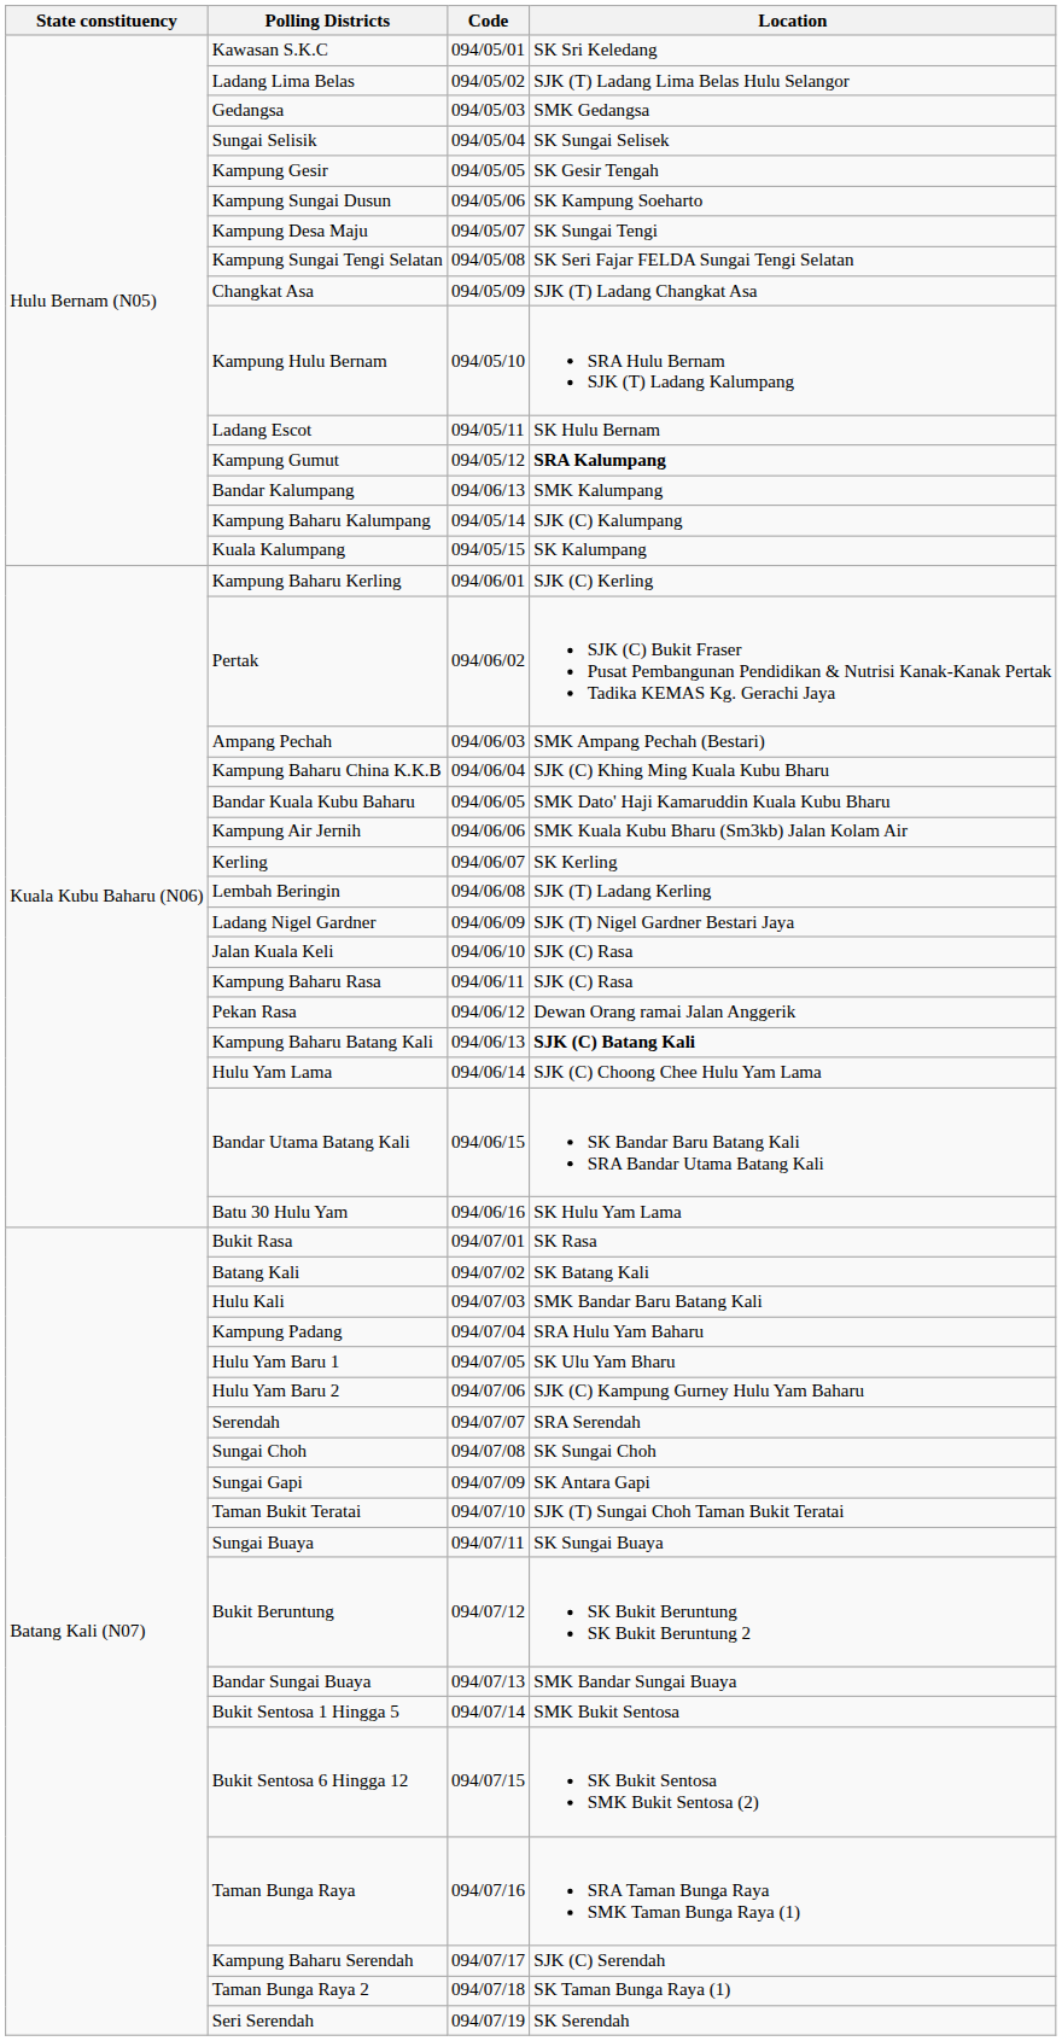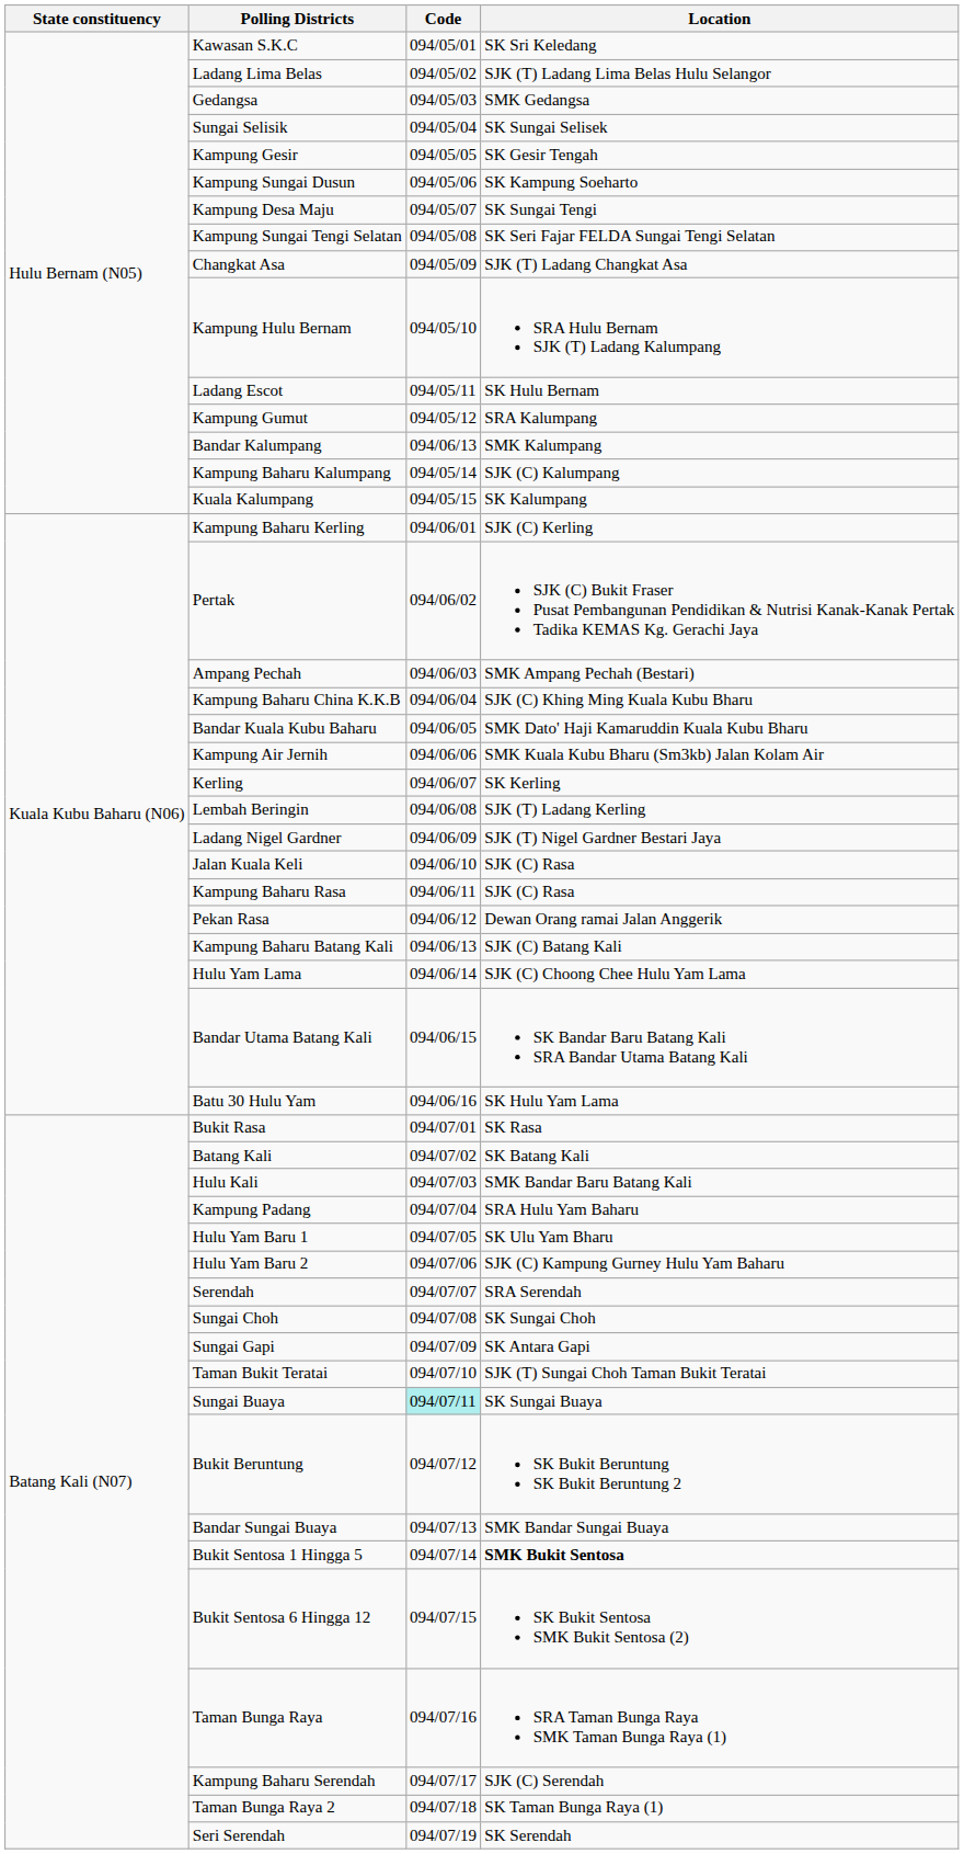 <table class="wikitable sortable mw-collapsible" style="white-space:nowrap;font-size:85%">
 <tr>
 <th>State constituency</th>
 <th>Polling Districts</th>
 <th>Code</th>
 <th>Location</th>
 </tr>
 <tr>
 <td rowspan="15">Hulu Bernam (N05)</td>
 <td>Kawasan S.K.C</td>
 <td>094/05/01</td>
 <td>SK Sri Keledang</td>
 </tr>
 <tr>
 <td>Ladang Lima Belas</td>
 <td>094/05/02</td>
 <td>SJK (T) Ladang Lima Belas Hulu Selangor</td>
 </tr>
 <tr>
 <td>Gedangsa</td>
 <td>094/05/03</td>
 <td>SMK Gedangsa</td>
 </tr>
 <tr>
 <td>Sungai Selisik</td>
 <td>094/05/04</td>
 <td>SK Sungai Selisek</td>
 </tr>
 <tr>
 <td>Kampung Gesir</td>
 <td>094/05/05</td>
 <td>SK Gesir Tengah</td>
 </tr>
 <tr>
 <td>Kampung Sungai Dusun</td>
 <td>094/05/06</td>
 <td>SK Kampung Soeharto</td>
 </tr>
 <tr>
 <td>Kampung Desa Maju</td>
 <td>094/05/07</td>
 <td>SK Sungai Tengi</td>
 </tr>
 <tr>
 <td>Kampung Sungai Tengi Selatan</td>
 <td>094/05/08</td>
 <td>SK Seri Fajar FELDA Sungai Tengi Selatan</td>
 </tr>
 <tr>
 <td>Changkat Asa</td>
 <td>094/05/09</td>
 <td>SJK (T) Ladang Changkat Asa</td>
 </tr>
 <tr>
 <td>Kampung Hulu Bernam</td>
 <td>094/05/10</td>
 <td><br><ul><li>SRA Hulu Bernam</li><li>SJK (T) Ladang Kalumpang</li></ul></td>
 </tr>
 <tr>
 <td>Ladang Escot</td>
 <td>094/05/11</td>
 <td>SK Hulu Bernam</td>
 </tr>
 <tr>
 <td>Kampung Gumut</td>
 <td>094/05/12</td>
-<td><strong>SRA Kalumpang</strong></td>
+<td>SRA Kalumpang</td>
 </tr>
 <tr>
 <td>Bandar Kalumpang</td>
 <td>094/06/13</td>
 <td>SMK Kalumpang</td>
 </tr>
 <tr>
 <td>Kampung Baharu Kalumpang</td>
 <td>094/05/14</td>
 <td>SJK (C) Kalumpang</td>
 </tr>
 <tr>
 <td>Kuala Kalumpang</td>
 <td>094/05/15</td>
 <td>SK Kalumpang</td>
 </tr>
 <tr>
 <td rowspan="16">Kuala Kubu Baharu (N06)</td>
 <td>Kampung Baharu Kerling</td>
 <td>094/06/01</td>
 <td>SJK (C) Kerling</td>
 </tr>
 <tr>
 <td>Pertak</td>
 <td>094/06/02</td>
 <td><br><ul><li>SJK (C) Bukit Fraser</li><li>Pusat Pembangunan Pendidikan & Nutrisi Kanak-Kanak Pertak</li><li>Tadika KEMAS Kg. Gerachi Jaya</li></ul></td>
 </tr>
 <tr>
 <td>Ampang Pechah</td>
 <td>094/06/03</td>
 <td>SMK Ampang Pechah (Bestari)</td>
 </tr>
 <tr>
 <td>Kampung Baharu China K.K.B</td>
 <td>094/06/04</td>
 <td>SJK (C) Khing Ming Kuala Kubu Bharu</td>
 </tr>
 <tr>
 <td>Bandar Kuala Kubu Baharu</td>
 <td>094/06/05</td>
 <td>SMK Dato' Haji Kamaruddin Kuala Kubu Bharu</td>
 </tr>
 <tr>
 <td>Kampung Air Jernih</td>
 <td>094/06/06</td>
 <td>SMK Kuala Kubu Bharu (Sm3kb) Jalan Kolam Air</td>
 </tr>
 <tr>
 <td>Kerling</td>
 <td>094/06/07</td>
 <td>SK Kerling</td>
 </tr>
 <tr>
 <td>Lembah Beringin</td>
 <td>094/06/08</td>
 <td>SJK (T) Ladang Kerling</td>
 </tr>
 <tr>
 <td>Ladang Nigel Gardner</td>
 <td>094/06/09</td>
 <td>SJK (T) Nigel Gardner Bestari Jaya</td>
 </tr>
 <tr>
 <td>Jalan Kuala Keli</td>
 <td>094/06/10</td>
 <td>SJK (C) Rasa</td>
 </tr>
 <tr>
 <td>Kampung Baharu Rasa</td>
 <td>094/06/11</td>
 <td>SJK (C) Rasa</td>
 </tr>
 <tr>
 <td>Pekan Rasa</td>
 <td>094/06/12</td>
 <td>Dewan Orang ramai Jalan Anggerik</td>
 </tr>
 <tr>
 <td>Kampung Baharu Batang Kali</td>
 <td>094/06/13</td>
-<td><strong>SJK (C) Batang Kali</strong></td>
+<td>SJK (C) Batang Kali</td>
 </tr>
 <tr>
 <td>Hulu Yam Lama</td>
 <td>094/06/14</td>
 <td>SJK (C) Choong Chee Hulu Yam Lama</td>
 </tr>
 <tr>
 <td>Bandar Utama Batang Kali</td>
 <td>094/06/15</td>
 <td><br><ul><li>SK Bandar Baru Batang Kali</li><li>SRA Bandar Utama Batang Kali</li></ul></td>
 </tr>
 <tr>
 <td>Batu 30 Hulu Yam</td>
 <td>094/06/16</td>
 <td>SK Hulu Yam Lama</td>
 </tr>
 <tr>
 <td rowspan="19">Batang Kali (N07)</td>
 <td>Bukit Rasa</td>
 <td>094/07/01</td>
 <td>SK Rasa</td>
 </tr>
 <tr>
 <td>Batang Kali</td>
 <td>094/07/02</td>
 <td>SK Batang Kali</td>
 </tr>
 <tr>
 <td>Hulu Kali</td>
 <td>094/07/03</td>
 <td>SMK Bandar Baru Batang Kali</td>
 </tr>
 <tr>
 <td>Kampung Padang</td>
 <td>094/07/04</td>
 <td>SRA Hulu Yam Baharu</td>
 </tr>
 <tr>
 <td>Hulu Yam Baru 1</td>
 <td>094/07/05</td>
 <td>SK Ulu Yam Bharu</td>
 </tr>
 <tr>
 <td>Hulu Yam Baru 2</td>
 <td>094/07/06</td>
 <td>SJK (C) Kampung Gurney Hulu Yam Baharu</td>
 </tr>
 <tr>
 <td>Serendah</td>
 <td>094/07/07</td>
 <td>SRA Serendah</td>
 </tr>
 <tr>
 <td>Sungai Choh</td>
 <td>094/07/08</td>
 <td>SK Sungai Choh</td>
 </tr>
 <tr>
 <td>Sungai Gapi</td>
 <td>094/07/09</td>
 <td>SK Antara Gapi</td>
 </tr>
 <tr>
 <td>Taman Bukit Teratai</td>
 <td>094/07/10</td>
 <td>SJK (T) Sungai Choh Taman Bukit Teratai</td>
 </tr>
 <tr>
 <td>Sungai Buaya</td>
-<td>094/07/11</td>
+<td style="background: paleturquoise;">094/07/11</td>
 <td>SK Sungai Buaya</td>
 </tr>
 <tr>
 <td>Bukit Beruntung</td>
 <td>094/07/12</td>
 <td><br><ul><li>SK Bukit Beruntung</li><li>SK Bukit Beruntung 2</li></ul></td>
 </tr>
 <tr>
 <td>Bandar Sungai Buaya</td>
 <td>094/07/13</td>
 <td>SMK Bandar Sungai Buaya</td>
 </tr>
 <tr>
 <td>Bukit Sentosa 1 Hingga 5</td>
 <td>094/07/14</td>
-<td>SMK Bukit Sentosa</td>
+<td><strong>SMK Bukit Sentosa</strong></td>
 </tr>
 <tr>
 <td>Bukit Sentosa 6 Hingga 12</td>
 <td>094/07/15</td>
 <td><br><ul><li>SK Bukit Sentosa</li><li>SMK Bukit Sentosa (2)</li></ul></td>
 </tr>
 <tr>
 <td>Taman Bunga Raya</td>
 <td>094/07/16</td>
 <td><br><ul><li>SRA Taman Bunga Raya</li><li>SMK Taman Bunga Raya (1)</li></ul></td>
 </tr>
 <tr>
 <td>Kampung Baharu Serendah</td>
 <td>094/07/17</td>
 <td>SJK (C) Serendah</td>
 </tr>
 <tr>
 <td>Taman Bunga Raya 2</td>
 <td>094/07/18</td>
 <td>SK Taman Bunga Raya (1)</td>
 </tr>
 <tr>
 <td>Seri Serendah</td>
 <td>094/07/19</td>
 <td>SK Serendah</td>
 </tr>
 </table>
